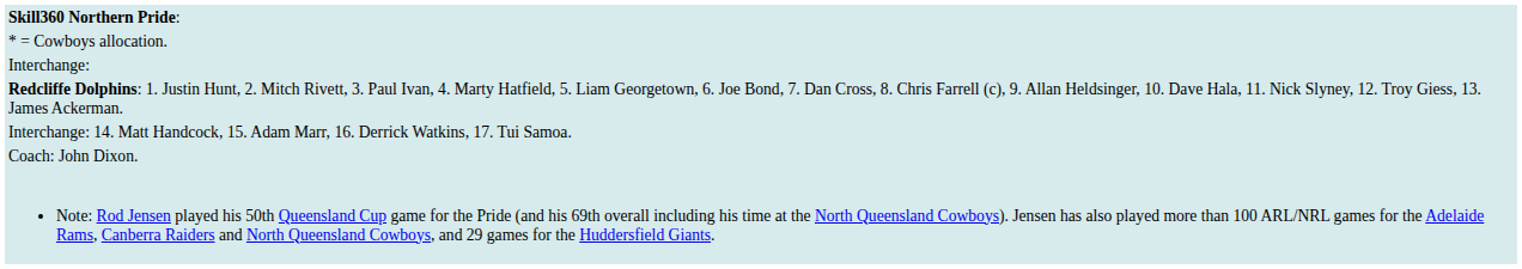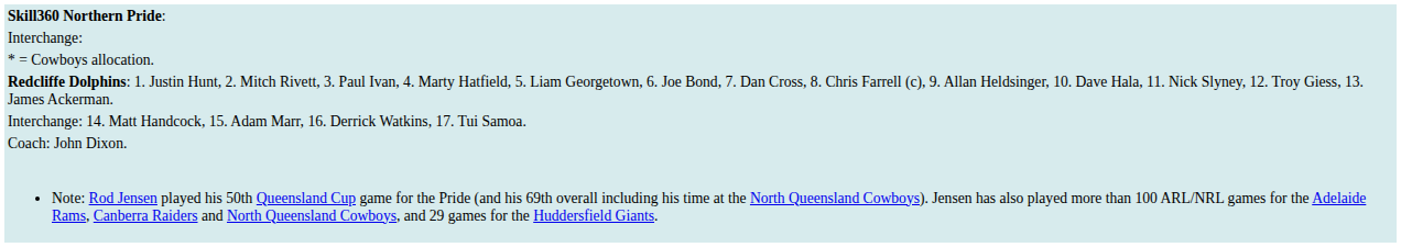 <table style="background:#d7ebed; font-size:85%; width:100%;">
 <tr>
 <td><strong>Skill360 Northern Pride</strong>:             </td>
 </tr>
 <tr>
-<td>* = Cowboys allocation.</td>
+<td>Interchange:    </td>
 </tr>
 <tr>
-<td>Interchange:    </td>
+<td>* = Cowboys allocation.</td>
 </tr>
 <tr>
 <td><strong>Redcliffe Dolphins</strong>: 1. Justin Hunt, 2. Mitch Rivett, 3. Paul Ivan, 4. Marty Hatfield, 5. Liam Georgetown, 6. Joe Bond, 7. Dan Cross, 8. Chris Farrell (c), 9. Allan Heldsinger, 10. Dave Hala, 11. Nick Slyney, 12. Troy Giess, 13. James Ackerman.</td>
 </tr>
 <tr>
 <td>Interchange: 14. Matt Handcock, 15. Adam Marr, 16. Derrick Watkins, 17. Tui Samoa.</td>
 </tr>
 <tr>
 <td>Coach: John Dixon.</td>
 </tr>
 <tr>
 <td><br><ul><li>Note: <a href='#'>Rod Jensen</a> played his 50th <a href='#'>Queensland Cup</a> game for the Pride (and his 69th overall including his time at the <a href='#'>North Queensland Cowboys</a>). Jensen has also played more than 100 ARL/NRL games for the <a href='#'>Adelaide Rams</a>, <a href='#'>Canberra Raiders</a> and <a href='#'>North Queensland Cowboys</a>, and 29 games for the <a href='#'>Huddersfield Giants</a>.</li></ul></td>
 </tr>
 </table>
